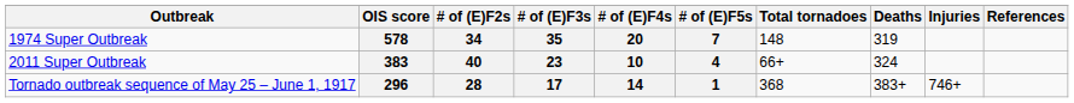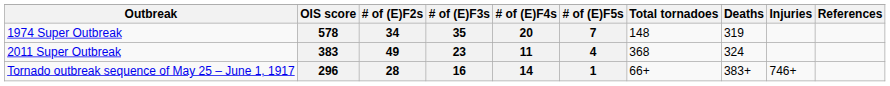 <table class="wikitable sortable">
 <tr>
 </tr>
 <tr>
 <th>Outbreak</th>
 <th>OIS score</th>
 <th># of (E)F2s</th>
 <th># of (E)F3s</th>
 <th># of (E)F4s</th>
 <th># of (E)F5s</th>
 <th>Total tornadoes</th>
 <th>Deaths</th>
 <th>Injuries</th>
 <th>References</th>
 </tr>
 <tr>
 <td data-sort-value="1974-04-03"><a href='#'>1974 Super Outbreak</a></td>
 <th scope="row">578</th>
 <th scope="row" style="background-color:#">34</th>
 <th scope="row" style="background-color:#">35</th>
 <th scope="row" style="background-color:#">20</th>
 <th scope="row" style="background-color:#">7</th>
 <td>148</td>
 <td>319</td>
 <td></td>
 <td></td>
 </tr>
 <tr>
 <td data-sort-value="2011-04-25"><a href='#'>2011 Super Outbreak</a></td>
 <th scope="row">383</th>
-<th scope="row" style="background-color:#">40</th>
+<th scope="row" style="background-color:#">49</th>
 <th scope="row" style="background-color:#">23</th>
-<th scope="row" style="background-color:#">10</th>
+<th scope="row" style="background-color:#">11</th>
 <th scope="row" style="background-color:#">4</th>
-<td>66+</td>
+<td>368</td>
 <td>324</td>
 <td></td>
 <td></td>
 </tr>
 <tr>
 <td data-sort-value="1917-05-25"><a href='#'>Tornado outbreak sequence of May 25 – June 1, 1917</a></td>
 <th scope="row">296</th>
 <th scope="row" style="background-color:#">28</th>
-<th scope="row" style="background-color:#">17</th>
+<th scope="row" style="background-color:#">16</th>
 <th scope="row" style="background-color:#">14</th>
 <th scope="row" style="background-color:#">1</th>
-<td>368</td>
+<td>66+</td>
 <td>383+</td>
 <td>746+</td>
 <td></td>
 </tr>
 </table>
